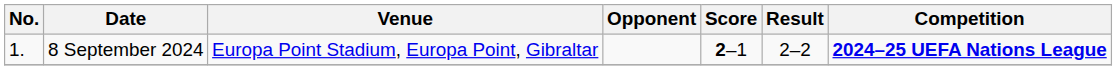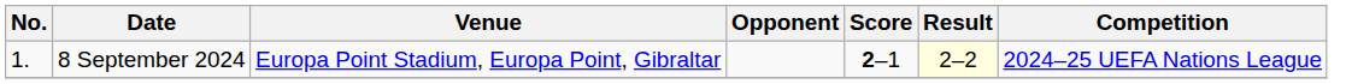 <table class="wikitable">
 <tr>
 <th>No.</th>
 <th>Date</th>
 <th>Venue</th>
 <th>Opponent</th>
 <th>Score</th>
 <th>Result</th>
 <th>Competition</th>
 </tr>
 <tr>
 <td>1.</td>
 <td>8 September 2024</td>
 <td><a href='#'>Europa Point Stadium</a>, <a href='#'>Europa Point</a>, <a href='#'>Gibraltar</a></td>
 <td></td>
 <td align=center><strong>2</strong>–1</td>
-<td align=center>2–2</td>
-<td><strong><a href='#'>2024–25 UEFA Nations League</a></strong></td>
+<td align=center style="background: lightyellow;">2–2</td>
+<td><a href='#'>2024–25 UEFA Nations League</a></td>
 </tr>
 <tr>
 </tr>
 </table>
